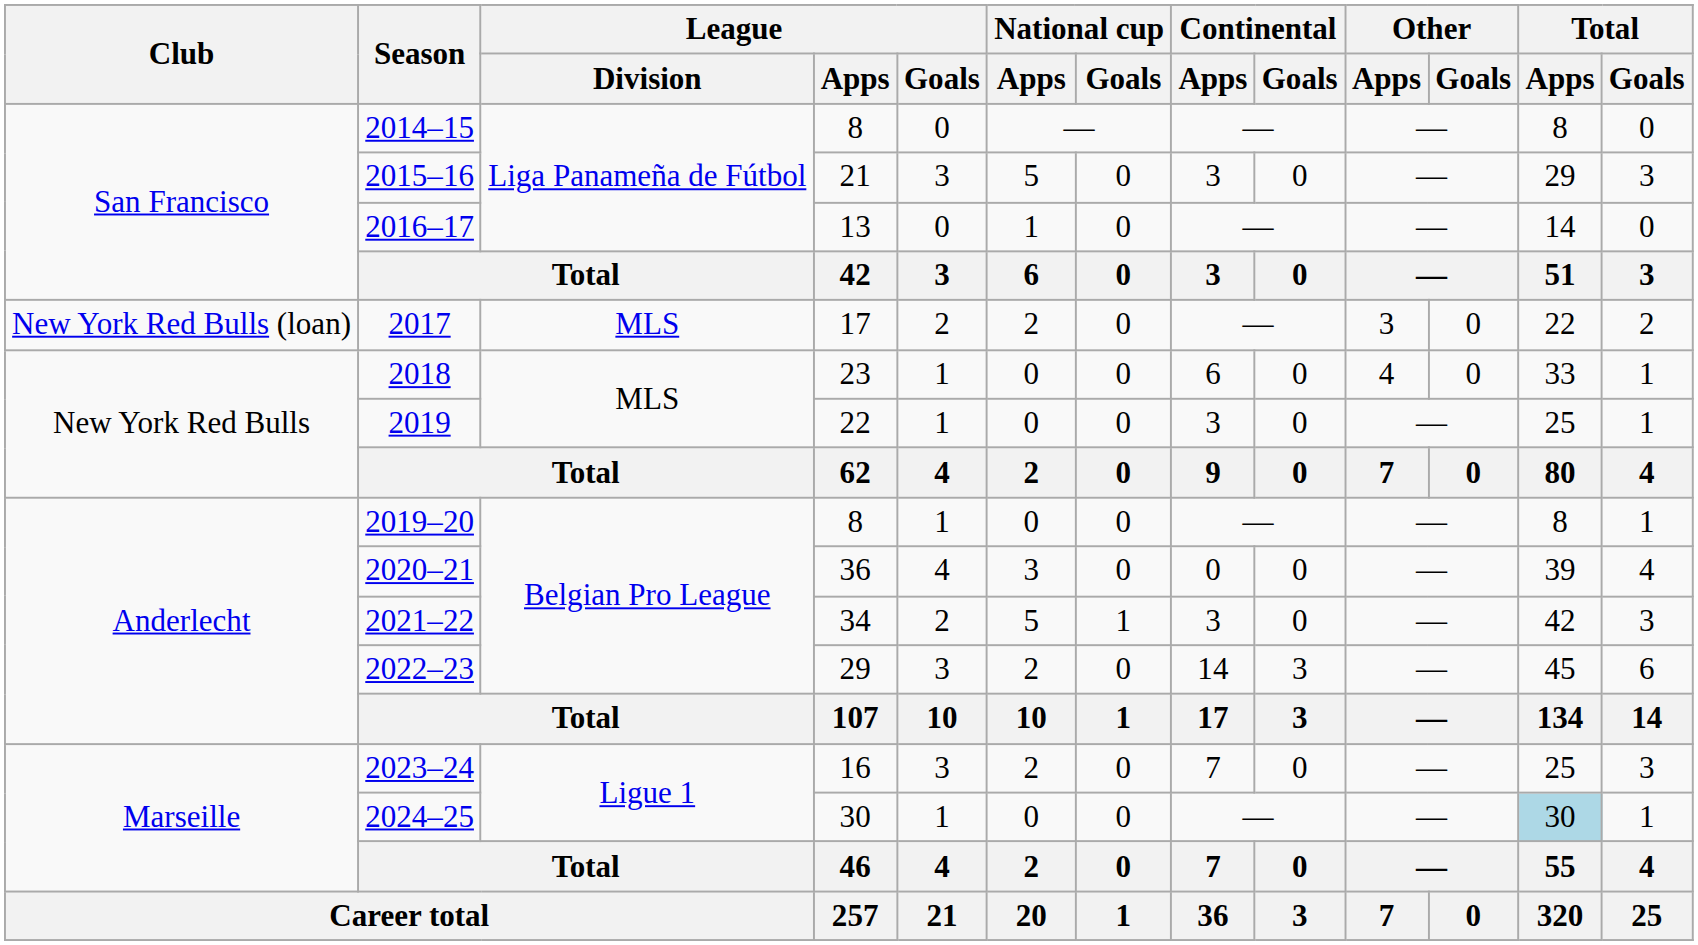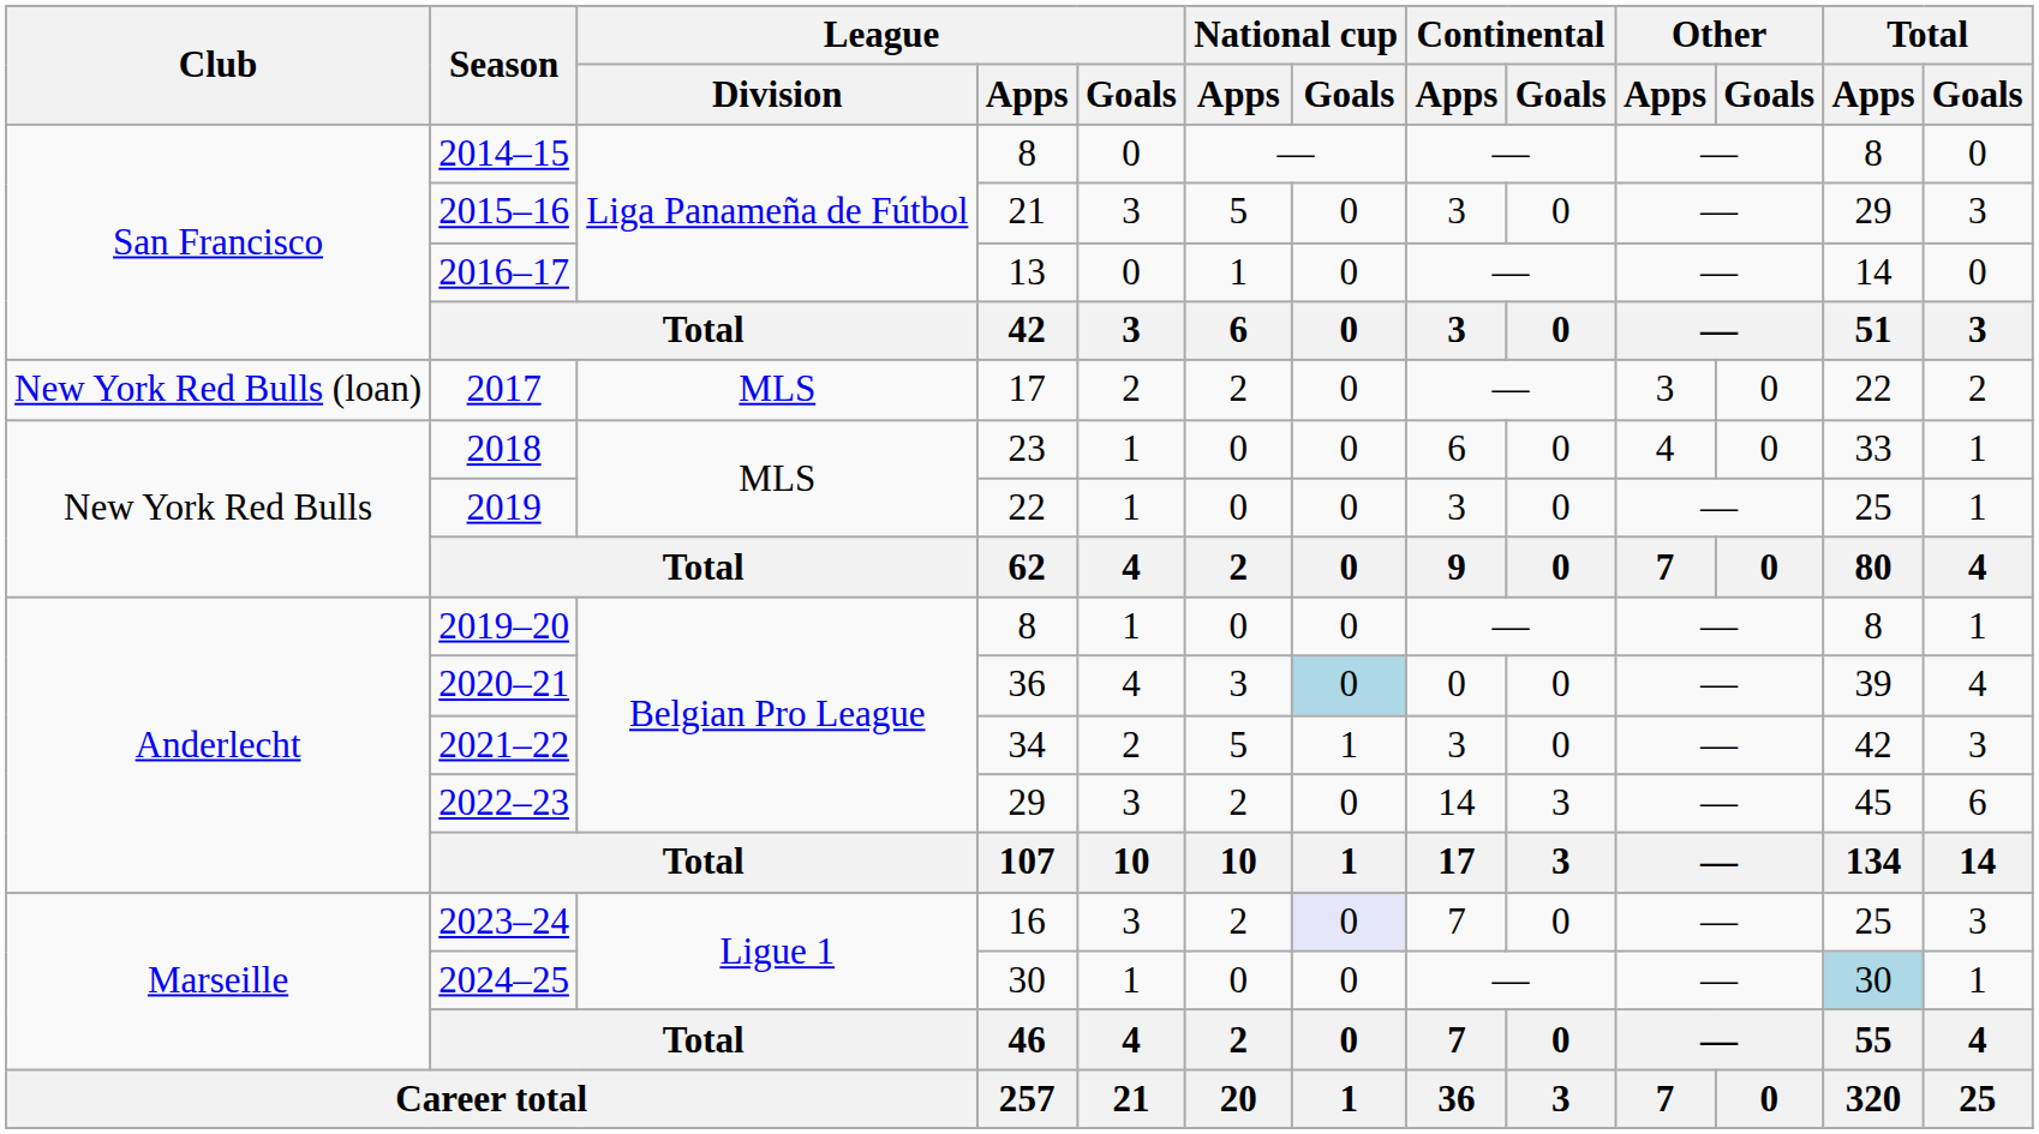 <table class="wikitable" style="text-align:center">
 <tr>
 <th rowspan="2">Club</th>
 <th rowspan="2">Season</th>
 <th colspan="3">League</th>
 <th colspan="2">National cup</th>
 <th colspan="2">Continental</th>
 <th colspan="2">Other</th>
 <th colspan="2">Total</th>
 </tr>
 <tr>
 <th>Division</th>
 <th>Apps</th>
 <th>Goals</th>
 <th>Apps</th>
 <th>Goals</th>
 <th>Apps</th>
 <th>Goals</th>
 <th>Apps</th>
 <th>Goals</th>
 <th>Apps</th>
 <th>Goals</th>
 </tr>
 <tr>
 <td rowspan="4"><a href='#'>San Francisco</a></td>
 <td><a href='#'>2014–15</a></td>
 <td rowspan="3"><a href='#'>Liga Panameña de Fútbol</a></td>
 <td>8</td>
 <td>0</td>
 <td colspan="2">—</td>
 <td colspan="2">—</td>
 <td colspan="2">—</td>
 <td>8</td>
 <td>0</td>
 </tr>
 <tr>
 <td><a href='#'>2015–16</a></td>
 <td>21</td>
 <td>3</td>
 <td>5</td>
 <td>0</td>
 <td>3</td>
 <td>0</td>
 <td colspan="2">—</td>
 <td>29</td>
 <td>3</td>
 </tr>
 <tr>
 <td><a href='#'>2016–17</a></td>
 <td>13</td>
 <td>0</td>
 <td>1</td>
 <td>0</td>
 <td colspan="2">—</td>
 <td colspan="2">—</td>
 <td>14</td>
 <td>0</td>
 </tr>
 <tr>
 <th colspan="2">Total</th>
 <th>42</th>
 <th>3</th>
 <th>6</th>
 <th>0</th>
 <th>3</th>
 <th>0</th>
 <th colspan="2">—</th>
 <th>51</th>
 <th>3</th>
 </tr>
 <tr>
 <td><a href='#'>New York Red Bulls</a> (loan)</td>
 <td><a href='#'>2017</a></td>
 <td><a href='#'>MLS</a></td>
 <td>17</td>
 <td>2</td>
 <td>2</td>
 <td>0</td>
 <td colspan="2">—</td>
 <td>3</td>
 <td>0</td>
 <td>22</td>
 <td>2</td>
 </tr>
 <tr>
 <td rowspan="3">New York Red Bulls</td>
 <td><a href='#'>2018</a></td>
 <td rowspan="2">MLS</td>
 <td>23</td>
 <td>1</td>
 <td>0</td>
 <td>0</td>
 <td>6</td>
 <td>0</td>
 <td>4</td>
 <td>0</td>
 <td>33</td>
 <td>1</td>
 </tr>
 <tr>
 <td><a href='#'>2019</a></td>
 <td>22</td>
 <td>1</td>
 <td>0</td>
 <td>0</td>
 <td>3</td>
 <td>0</td>
 <td colspan="2">—</td>
 <td>25</td>
 <td>1</td>
 </tr>
 <tr>
 <th colspan="2">Total</th>
 <th>62</th>
 <th>4</th>
 <th>2</th>
 <th>0</th>
 <th>9</th>
 <th>0</th>
 <th>7</th>
 <th>0</th>
 <th>80</th>
 <th>4</th>
 </tr>
 <tr>
 <td rowspan="5"><a href='#'>Anderlecht</a></td>
 <td><a href='#'>2019–20</a></td>
 <td rowspan="4"><a href='#'>Belgian Pro League</a></td>
 <td>8</td>
 <td>1</td>
 <td>0</td>
 <td>0</td>
 <td colspan="2">—</td>
 <td colspan="2">—</td>
 <td>8</td>
 <td>1</td>
 </tr>
 <tr>
 <td><a href='#'>2020–21</a></td>
 <td>36</td>
 <td>4</td>
 <td>3</td>
-<td>0</td>
+<td style="background: lightblue;">0</td>
 <td>0</td>
 <td>0</td>
 <td colspan="2">—</td>
 <td>39</td>
 <td>4</td>
 </tr>
 <tr>
 <td><a href='#'>2021–22</a></td>
 <td>34</td>
 <td>2</td>
 <td>5</td>
 <td>1</td>
 <td>3</td>
 <td>0</td>
 <td colspan="2">—</td>
 <td>42</td>
 <td>3</td>
 </tr>
 <tr>
 <td><a href='#'>2022–23</a></td>
 <td>29</td>
 <td>3</td>
 <td>2</td>
 <td>0</td>
 <td>14</td>
 <td>3</td>
 <td colspan="2">—</td>
 <td>45</td>
 <td>6</td>
 </tr>
 <tr>
 <th colspan="2">Total</th>
 <th>107</th>
 <th>10</th>
 <th>10</th>
 <th>1</th>
 <th>17</th>
 <th>3</th>
 <th colspan="2">—</th>
 <th>134</th>
 <th>14</th>
 </tr>
 <tr>
 <td rowspan="3"><a href='#'>Marseille</a></td>
 <td><a href='#'>2023–24</a></td>
 <td rowspan="2"><a href='#'>Ligue 1</a></td>
 <td>16</td>
 <td>3</td>
 <td>2</td>
-<td>0</td>
+<td style="background: lavender;">0</td>
 <td>7</td>
 <td>0</td>
 <td colspan="2">—</td>
 <td>25</td>
 <td>3</td>
 </tr>
 <tr>
 <td><a href='#'>2024–25</a></td>
 <td>30</td>
 <td>1</td>
 <td>0</td>
 <td>0</td>
 <td colspan="2">—</td>
 <td colspan="2">—</td>
 <td style="background: lightblue;">30</td>
 <td>1</td>
 </tr>
 <tr>
 <th colspan="2">Total</th>
 <th>46</th>
 <th>4</th>
 <th>2</th>
 <th>0</th>
 <th>7</th>
 <th>0</th>
 <th colspan="2">—</th>
 <th>55</th>
 <th>4</th>
 </tr>
 <tr>
 <th colspan="3">Career total</th>
 <th>257</th>
 <th>21</th>
 <th>20</th>
 <th>1</th>
 <th>36</th>
 <th>3</th>
 <th>7</th>
 <th>0</th>
 <th>320</th>
 <th>25</th>
 </tr>
 </table>
